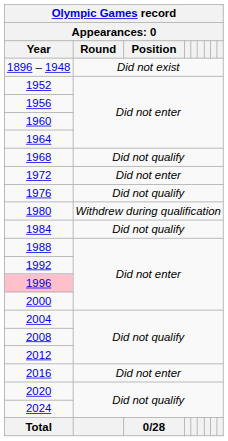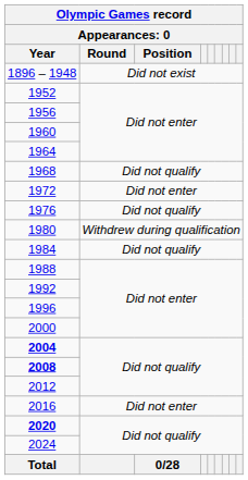 <table class="wikitable" style="text-align: center;font-size:90%;">
 <tr>
 <th colspan=9><a href='#'>Olympic Games</a> record</th>
 </tr>
 <tr>
 <th colspan=9>Appearances: 0</th>
 </tr>
 <tr>
 <th>Year</th>
 <th>Round</th>
 <th>Position</th>
 <th></th>
 <th></th>
 <th></th>
 <th></th>
 <th></th>
 <th></th>
 </tr>
 <tr>
 <td><a href='#'>1896</a> – <a href='#'>1948</a></td>
 <td colspan=8><em>Did not exist</em></td>
 </tr>
 <tr>
 <td> <a href='#'>1952</a></td>
 <td colspan=8 rowspan=4><em>Did not enter</em></td>
 </tr>
 <tr>
 <td> <a href='#'>1956</a></td>
 </tr>
 <tr>
 <td> <a href='#'>1960</a></td>
 </tr>
 <tr>
 <td> <a href='#'>1964</a></td>
 </tr>
 <tr>
 <td> <a href='#'>1968</a></td>
 <td colspan=8><em>Did not qualify</em></td>
 </tr>
 <tr>
 <td> <a href='#'>1972</a></td>
 <td colspan=8><em>Did not enter</em></td>
 </tr>
 <tr>
 <td> <a href='#'>1976</a></td>
 <td colspan=8><em>Did not qualify</em></td>
 </tr>
 <tr>
 <td> <a href='#'>1980</a></td>
 <td colspan=8><em>Withdrew during qualification</em></td>
 </tr>
 <tr>
 <td> <a href='#'>1984</a></td>
 <td colspan=8><em>Did not qualify</em></td>
 </tr>
 <tr>
 <td> <a href='#'>1988</a></td>
 <td colspan=8 rowspan=4><em>Did not enter</em></td>
 </tr>
 <tr>
 <td> <a href='#'>1992</a></td>
 </tr>
 <tr>
-<td style="background: pink;"> <a href='#'>1996</a></td>
+<td> <a href='#'>1996</a></td>
 </tr>
 <tr>
 <td> <a href='#'>2000</a></td>
 </tr>
 <tr>
-<td> <a href='#'>2004</a></td>
+<td><strong> <a href='#'>2004</a></strong></td>
 <td colspan=8 rowspan=3><em>Did not qualify</em></td>
 </tr>
 <tr>
-<td> <a href='#'>2008</a></td>
+<td><strong> <a href='#'>2008</a></strong></td>
 </tr>
 <tr>
 <td> <a href='#'>2012</a></td>
 </tr>
 <tr>
 <td> <a href='#'>2016</a></td>
 <td colspan=8><em>Did not enter</em></td>
 </tr>
 <tr>
-<td> <a href='#'>2020</a></td>
+<td><strong> <a href='#'>2020</a></strong></td>
 <td colspan=8 rowspan=2><em>Did not qualify</em></td>
 </tr>
 <tr>
 <td> <a href='#'>2024</a></td>
 </tr>
 <tr>
 <th>Total</th>
 <th></th>
 <th>0/28</th>
 <th></th>
 <th></th>
 <th></th>
 <th></th>
 <th></th>
 <th></th>
 </tr>
 </table>
